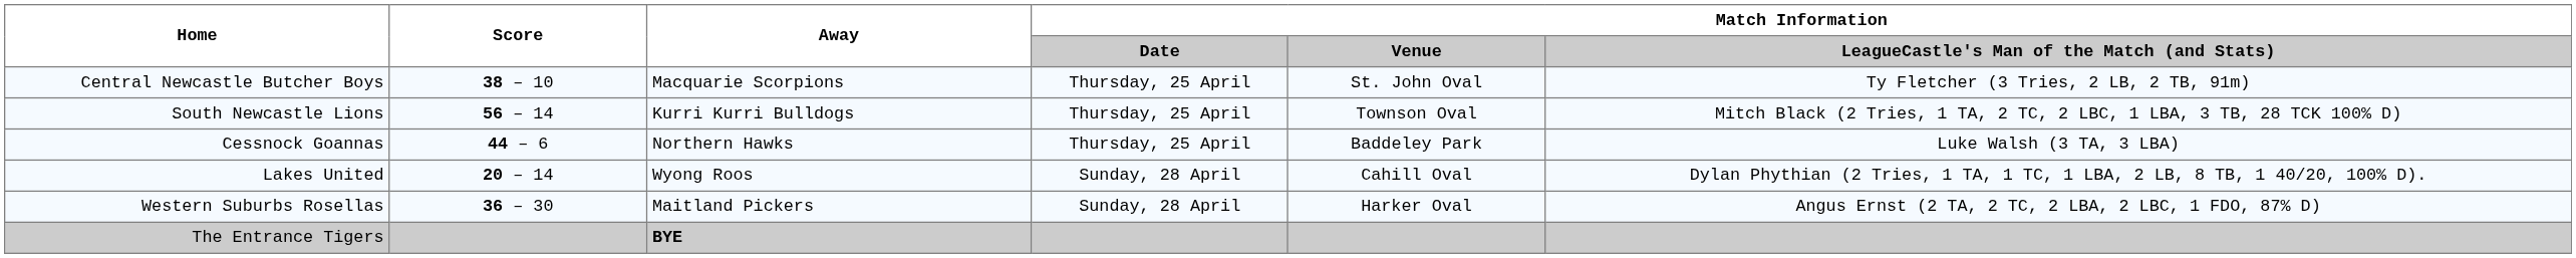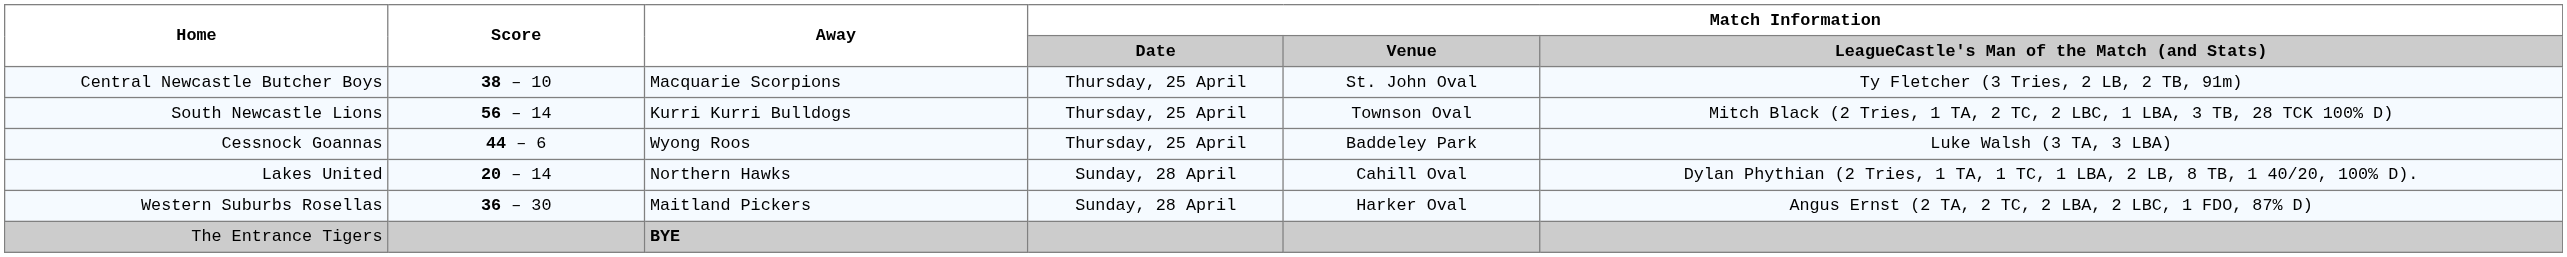 <table width="100%" cellspacing="0" cellpadding="4" border="1" style="border-collapse:collapse;  text-align:center;">
 <tr>
 <th rowspan="2" width="15%">Home</th>
 <th rowspan="2" width="10%">Score</th>
 <th rowspan="2" width="15%">Away</th>
 <th colspan="4">Match Information</th>
 </tr>
 <tr style="background:#CCCCCC">
 <th width="10%">Date</th>
 <th width="10%">Venue</th>
 <th width="40%">LeagueCastle's Man of the Match (and Stats)</th>
 </tr>
 <tr style="text-align:center; background:#f5faff;">
 <td align="right"> Central Newcastle Butcher Boys</td>
 <td><strong>38</strong> – 10</td>
 <td align="left"> Macquarie Scorpions</td>
 <td>Thursday, 25 April</td>
 <td>St. John Oval</td>
 <td>Ty Fletcher  (3 Tries, 2 LB, 2 TB, 91m)</td>
 </tr>
 <tr style="text-align:center; background:#f5faff;">
 <td align="right"> South Newcastle Lions</td>
 <td><strong>56</strong> – 14</td>
 <td align="left"> Kurri Kurri Bulldogs</td>
 <td>Thursday, 25 April</td>
 <td>Townson Oval</td>
 <td>Mitch Black  (2 Tries, 1 TA, 2 TC, 2 LBC, 1 LBA, 3 TB, 28 TCK 100% D)</td>
 </tr>
 <tr style="text-align:center; background:#f5faff;">
 <td align="right"> Cessnock Goannas</td>
 <td><strong>44</strong> – 6</td>
-<td align="Left"> Northern Hawks</td>
+<td align="left"> Wyong Roos</td>
 <td>Thursday, 25 April</td>
 <td>Baddeley Park</td>
 <td>Luke Walsh  (3 TA, 3 LBA)</td>
 </tr>
 <tr style="text-align:center; background:#f5faff;">
 <td align="right"> Lakes United</td>
 <td><strong>20</strong> – 14</td>
-<td align="left"> Wyong Roos</td>
+<td align="Left"> Northern Hawks</td>
 <td>Sunday, 28 April</td>
 <td>Cahill Oval</td>
 <td>Dylan Phythian  (2 Tries, 1 TA, 1 TC, 1 LBA, 2 LB, 8 TB, 1 40/20, 100% D).</td>
 </tr>
 <tr style="text-align:center; background:#f5faff;">
 <td align="right"> Western Suburbs Rosellas</td>
 <td><strong>36</strong> – 30</td>
 <td align="left"> Maitland Pickers</td>
 <td>Sunday, 28 April</td>
 <td>Harker Oval</td>
 <td>Angus Ernst  (2 TA, 2 TC, 2 LBA, 2 LBC, 1 FDO, 87% D)</td>
 </tr>
 <tr style="text-align:center; background:#CCCCCC;">
 <td align="right"> The Entrance Tigers</td>
 <td></td>
 <td align="left"><strong>BYE</strong></td>
 <td></td>
 <td></td>
 <td></td>
 </tr>
 </table>
